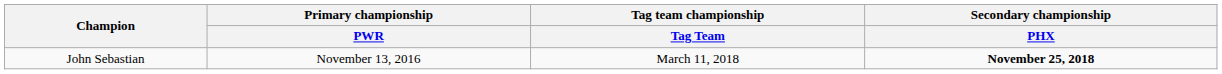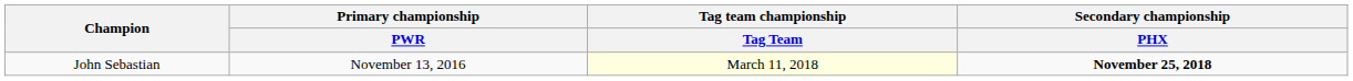 <table class="wikitable" style="font-size:85%; text-align:center; width:100%;">
 <tr>
 <th rowspan=2>Champion</th>
 <th>Primary championship</th>
 <th>Tag team championship</th>
 <th>Secondary championship</th>
 </tr>
 <tr>
 <th><a href='#'>PWR</a></th>
 <th><a href='#'>Tag Team</a></th>
 <th><a href='#'>PHX</a></th>
 </tr>
 <tr>
 <td>John Sebastian</td>
 <td>November 13, 2016</td>
-<td>March 11, 2018<br></td>
+<td style="background: lightyellow;">March 11, 2018<br></td>
 <td><strong>November 25, 2018</strong></td>
 </tr>
 </table>
